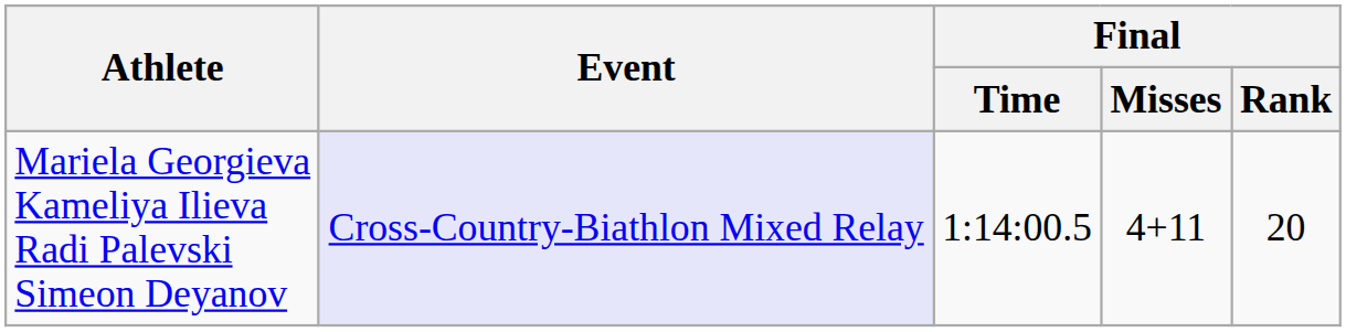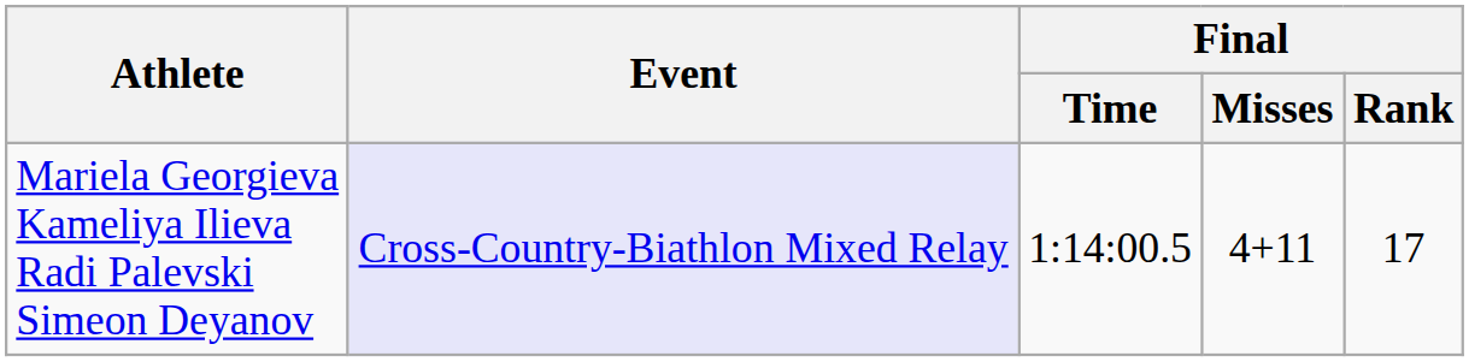 <table class="wikitable">
 <tr>
 <th rowspan="2">Athlete</th>
 <th rowspan="2">Event</th>
 <th colspan="3">Final</th>
 </tr>
 <tr>
 <th>Time</th>
 <th>Misses</th>
 <th>Rank</th>
 </tr>
 <tr>
 <td><a href='#'>Mariela Georgieva</a><br><a href='#'>Kameliya Ilieva</a><br><a href='#'>Radi Palevski</a><br><a href='#'>Simeon Deyanov</a></td>
 <td style="background: lavender;"><a href='#'>Cross-Country-Biathlon Mixed Relay</a></td>
 <td align="center">1:14:00.5</td>
 <td align="center">4+11</td>
-<td align="center">20</td>
+<td align="center">17</td>
 </tr>
 </table>
